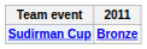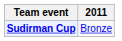 <table class="wikitable" style="font-size: 90%; text-align:center">
 <tr>
 <th>Team event</th>
 <th>2011</th>
 </tr>
 <tr>
 <td bgcolor="#ECF2FF"; align="left"><strong><a href='#'>Sudirman Cup</a></strong></td>
-<td><strong> <a href='#'>Bronze</a></strong></td>
+<td> <a href='#'>Bronze</a></td>
 </tr>
 </table>
